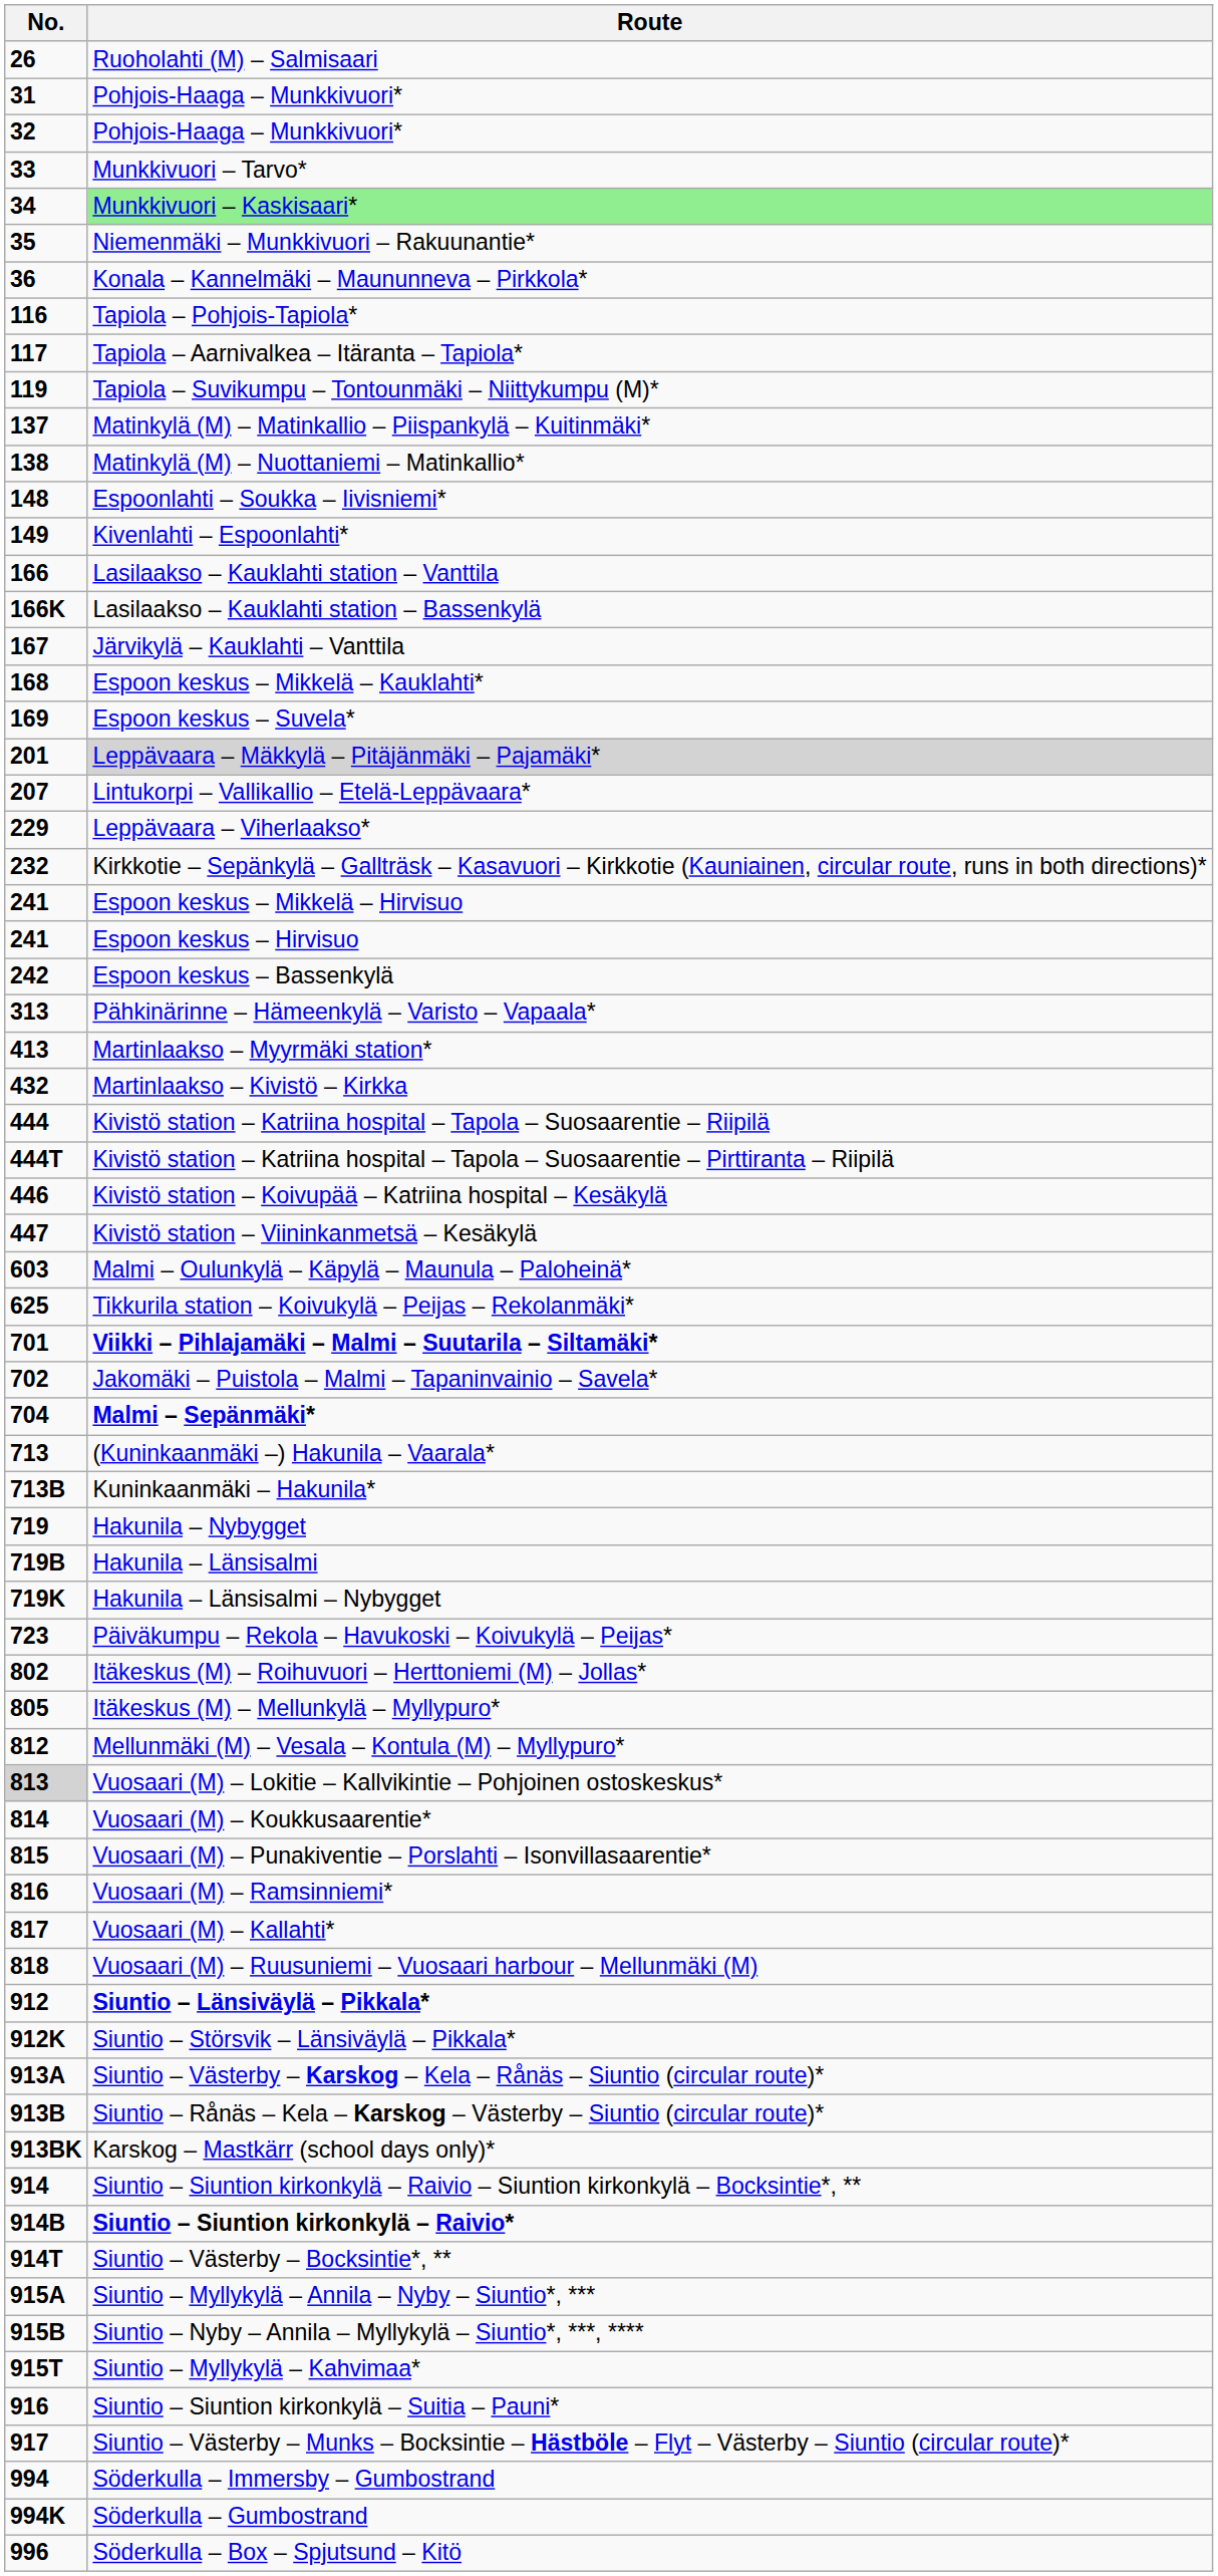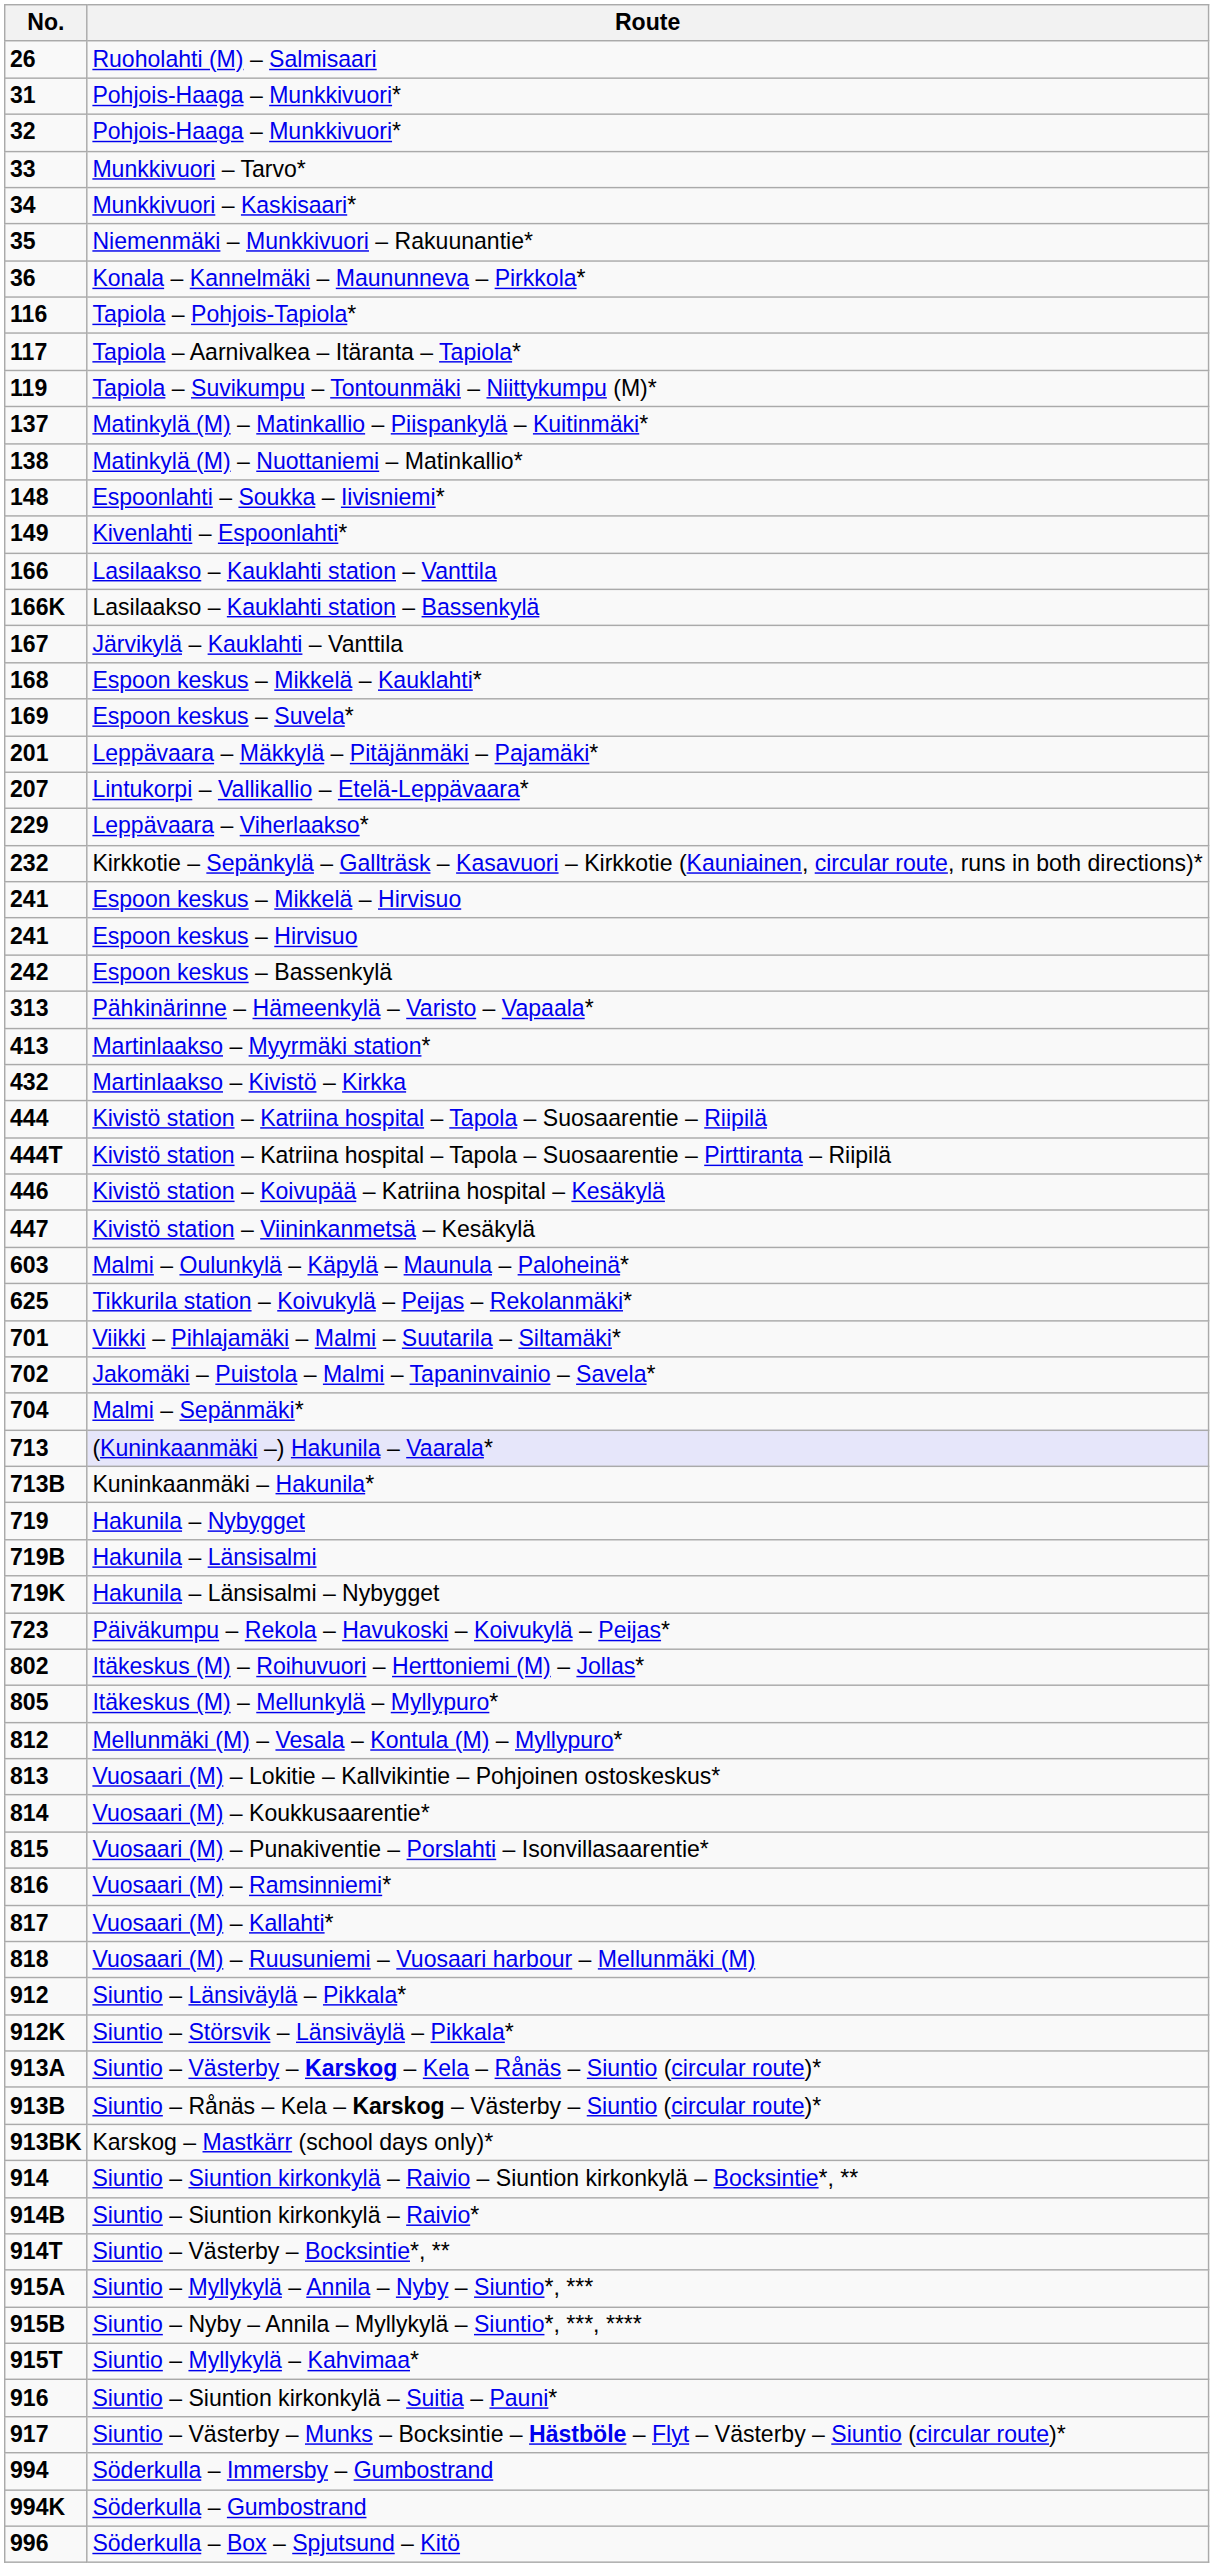 <table class="wikitable mw-collapsible mw-collapsed">
 <tr>
 <th><strong>No.</strong></th>
 <th>Route</th>
 </tr>
 <tr>
 <td><strong>26</strong></td>
 <td><a href='#'>Ruoholahti (M)</a> – <a href='#'>Salmisaari</a></td>
 </tr>
 <tr>
 <td><strong>31</strong></td>
 <td><a href='#'>Pohjois-Haaga</a> – <a href='#'>Munkkivuori</a>*</td>
 </tr>
 <tr>
 <td><strong>32</strong></td>
 <td><a href='#'>Pohjois-Haaga</a> – <a href='#'>Munkkivuori</a>*</td>
 </tr>
 <tr>
 <td><strong>33</strong></td>
 <td><a href='#'>Munkkivuori</a> – Tarvo*</td>
 </tr>
 <tr>
 <td><strong>34</strong></td>
-<td style="background: lightgreen;"><a href='#'>Munkkivuori</a> – <a href='#'>Kaskisaari</a>*</td>
+<td><a href='#'>Munkkivuori</a> – <a href='#'>Kaskisaari</a>*</td>
 </tr>
 <tr>
 <td><strong>35</strong></td>
 <td><a href='#'>Niemenmäki</a> – <a href='#'>Munkkivuori</a> – Rakuunantie*</td>
 </tr>
 <tr>
 <td><strong>36</strong></td>
 <td><a href='#'>Konala</a> – <a href='#'>Kannelmäki</a> – <a href='#'>Maununneva</a> – <a href='#'>Pirkkola</a>*</td>
 </tr>
 <tr>
 <td><strong>116</strong></td>
 <td><a href='#'>Tapiola</a> – <a href='#'>Pohjois-Tapiola</a>*</td>
 </tr>
 <tr>
 <td><strong>117</strong></td>
 <td><a href='#'>Tapiola</a> – Aarnivalkea – Itäranta – <a href='#'>Tapiola</a>*</td>
 </tr>
 <tr>
 <td><strong>119</strong></td>
 <td><a href='#'>Tapiola</a> – <a href='#'>Suvikumpu</a> – <a href='#'>Tontounmäki</a> – <a href='#'>Niittykumpu</a> (M)*</td>
 </tr>
 <tr>
 <td><strong>137</strong></td>
 <td><a href='#'>Matinkylä (M)</a> – <a href='#'>Matinkallio</a> – <a href='#'>Piispankylä</a> – <a href='#'>Kuitinmäki</a>*</td>
 </tr>
 <tr>
 <td><strong>138</strong></td>
 <td><a href='#'>Matinkylä (M)</a> – <a href='#'>Nuottaniemi</a> – Matinkallio*</td>
 </tr>
 <tr>
 <td><strong>148</strong></td>
 <td><a href='#'>Espoonlahti</a> – <a href='#'>Soukka</a> – <a href='#'>Iivisniemi</a>*</td>
 </tr>
 <tr>
 <td><strong>149</strong></td>
 <td><a href='#'>Kivenlahti</a> – <a href='#'>Espoonlahti</a>*</td>
 </tr>
 <tr>
 <td><strong>166</strong></td>
 <td><a href='#'>Lasilaakso</a> – <a href='#'>Kauklahti station</a> – <a href='#'>Vanttila</a></td>
 </tr>
 <tr>
 <td><strong>166K</strong></td>
 <td>Lasilaakso – <a href='#'>Kauklahti station</a> – <a href='#'>Bassenkylä</a></td>
 </tr>
 <tr>
 <td><strong>167</strong></td>
 <td><a href='#'>Järvikylä</a> – <a href='#'>Kauklahti</a> – Vanttila</td>
 </tr>
 <tr>
 <td><strong>168</strong></td>
 <td><a href='#'>Espoon keskus</a> – <a href='#'>Mikkelä</a> – <a href='#'>Kauklahti</a>*</td>
 </tr>
 <tr>
 <td><strong>169</strong></td>
 <td><a href='#'>Espoon keskus</a> – <a href='#'>Suvela</a>*</td>
 </tr>
 <tr>
 <td><strong>201</strong></td>
-<td style="background: lightgrey;"><a href='#'>Leppävaara</a> – <a href='#'>Mäkkylä</a> – <a href='#'>Pitäjänmäki</a> – <a href='#'>Pajamäki</a>*</td>
+<td><a href='#'>Leppävaara</a> – <a href='#'>Mäkkylä</a> – <a href='#'>Pitäjänmäki</a> – <a href='#'>Pajamäki</a>*</td>
 </tr>
 <tr>
 <td><strong>207</strong></td>
 <td><a href='#'>Lintukorpi</a> – <a href='#'>Vallikallio</a> – <a href='#'>Etelä-Leppävaara</a>*</td>
 </tr>
 <tr>
 <td><strong>229</strong></td>
 <td><a href='#'>Leppävaara</a> – <a href='#'>Viherlaakso</a>*</td>
 </tr>
 <tr>
 <td><strong>232</strong></td>
 <td>Kirkkotie – <a href='#'>Sepänkylä</a> – <a href='#'>Gallträsk</a> – <a href='#'>Kasavuori</a> – Kirkkotie (<a href='#'>Kauniainen</a>, <a href='#'>circular route</a>, runs in both directions)*</td>
 </tr>
 <tr>
 <td><strong>241</strong></td>
 <td><a href='#'>Espoon keskus</a> – <a href='#'>Mikkelä</a> – <a href='#'>Hirvisuo</a></td>
 </tr>
 <tr>
 <td><strong>241</strong></td>
 <td><a href='#'>Espoon keskus</a> – <a href='#'>Hirvisuo</a></td>
 </tr>
 <tr>
 <td><strong>242</strong></td>
 <td><a href='#'>Espoon keskus</a> – Bassenkylä</td>
 </tr>
 <tr>
 <td><strong>313</strong></td>
 <td><a href='#'>Pähkinärinne</a> – <a href='#'>Hämeenkylä</a> – <a href='#'>Varisto</a> – <a href='#'>Vapaala</a>*</td>
 </tr>
 <tr>
 <td><strong>413</strong></td>
 <td><a href='#'>Martinlaakso</a> – <a href='#'>Myyrmäki station</a>*</td>
 </tr>
 <tr>
 <td><strong>432</strong></td>
 <td><a href='#'>Martinlaakso</a> – <a href='#'>Kivistö</a> – <a href='#'>Kirkka</a></td>
 </tr>
 <tr>
 <td><strong>444</strong></td>
 <td><a href='#'>Kivistö station</a> – <a href='#'>Katriina hospital</a> – <a href='#'>Tapola</a> – Suosaarentie – <a href='#'>Riipilä</a></td>
 </tr>
 <tr>
 <td><strong>444T</strong></td>
 <td><a href='#'>Kivistö station</a> – Katriina hospital – Tapola – Suosaarentie – <a href='#'>Pirttiranta</a> – Riipilä</td>
 </tr>
 <tr>
 <td><strong>446</strong></td>
 <td><a href='#'>Kivistö station</a> – <a href='#'>Koivupää</a> – Katriina hospital – <a href='#'>Kesäkylä</a></td>
 </tr>
 <tr>
 <td><strong>447</strong></td>
 <td><a href='#'>Kivistö station</a> – <a href='#'>Viininkanmetsä</a> – Kesäkylä</td>
 </tr>
 <tr>
 <td><strong>603</strong></td>
 <td><a href='#'>Malmi</a> – <a href='#'>Oulunkylä</a> – <a href='#'>Käpylä</a> – <a href='#'>Maunula</a> – <a href='#'>Paloheinä</a>*</td>
 </tr>
 <tr>
 <td><strong>625</strong></td>
 <td><a href='#'>Tikkurila station</a> – <a href='#'>Koivukylä</a> – <a href='#'>Peijas</a> – <a href='#'>Rekolanmäki</a>*</td>
 </tr>
 <tr>
 <td><strong>701</strong></td>
-<td><strong><a href='#'>Viikki</a> – <a href='#'>Pihlajamäki</a> – <a href='#'>Malmi</a> – <a href='#'>Suutarila</a> – <a href='#'>Siltamäki</a>*</strong></td>
+<td><a href='#'>Viikki</a> – <a href='#'>Pihlajamäki</a> – <a href='#'>Malmi</a> – <a href='#'>Suutarila</a> – <a href='#'>Siltamäki</a>*</td>
 </tr>
 <tr>
 <td><strong>702</strong></td>
 <td><a href='#'>Jakomäki</a> – <a href='#'>Puistola</a> – <a href='#'>Malmi</a> – <a href='#'>Tapaninvainio</a> – <a href='#'>Savela</a>*</td>
 </tr>
 <tr>
 <td><strong>704</strong></td>
-<td><strong><a href='#'>Malmi</a> – <a href='#'>Sepänmäki</a>*</strong></td>
+<td><a href='#'>Malmi</a> – <a href='#'>Sepänmäki</a>*</td>
 </tr>
 <tr>
 <td><strong>713</strong></td>
-<td>(<a href='#'>Kuninkaanmäki</a> –) <a href='#'>Hakunila</a> – <a href='#'>Vaarala</a>*</td>
+<td style="background: lavender;">(<a href='#'>Kuninkaanmäki</a> –) <a href='#'>Hakunila</a> – <a href='#'>Vaarala</a>*</td>
 </tr>
 <tr>
 <td><strong>713B</strong></td>
 <td>Kuninkaanmäki – <a href='#'>Hakunila</a>*</td>
 </tr>
 <tr>
 <td><strong>719</strong></td>
 <td><a href='#'>Hakunila</a> – <a href='#'>Nybygget</a></td>
 </tr>
 <tr>
 <td><strong>719B</strong></td>
 <td><a href='#'>Hakunila</a> – <a href='#'>Länsisalmi</a></td>
 </tr>
 <tr>
 <td><strong>719K</strong></td>
 <td><a href='#'>Hakunila</a> – Länsisalmi – Nybygget</td>
 </tr>
 <tr>
 <td><strong>723</strong></td>
 <td><a href='#'>Päiväkumpu</a> – <a href='#'>Rekola</a> – <a href='#'>Havukoski</a> – <a href='#'>Koivukylä</a> – <a href='#'>Peijas</a>*</td>
 </tr>
 <tr>
 <td><strong>802</strong></td>
 <td><a href='#'>Itäkeskus (M)</a> – <a href='#'>Roihuvuori</a> – <a href='#'>Herttoniemi (M)</a> – <a href='#'>Jollas</a>*</td>
 </tr>
 <tr>
 <td><strong>805</strong></td>
 <td><a href='#'>Itäkeskus (M)</a> – <a href='#'>Mellunkylä</a> – <a href='#'>Myllypuro</a>*</td>
 </tr>
 <tr>
 <td><strong>812</strong></td>
 <td><a href='#'>Mellunmäki (M)</a> – <a href='#'>Vesala</a> – <a href='#'>Kontula (M)</a> – <a href='#'>Myllypuro</a>*</td>
 </tr>
 <tr>
-<td style="background: lightgrey;"><strong>813</strong></td>
+<td><strong>813</strong></td>
 <td><a href='#'>Vuosaari (M)</a> – Lokitie – Kallvikintie – Pohjoinen ostoskeskus*</td>
 </tr>
 <tr>
 <td><strong>814</strong></td>
 <td><a href='#'>Vuosaari (M)</a> – Koukkusaarentie*</td>
 </tr>
 <tr>
 <td><strong>815</strong></td>
 <td><a href='#'>Vuosaari (M)</a> – Punakiventie – <a href='#'>Porslahti</a> – Isonvillasaarentie*</td>
 </tr>
 <tr>
 <td><strong>816</strong></td>
 <td><a href='#'>Vuosaari (M)</a> – <a href='#'>Ramsinniemi</a>*</td>
 </tr>
 <tr>
 <td><strong>817</strong></td>
 <td><a href='#'>Vuosaari (M)</a> – <a href='#'>Kallahti</a>*</td>
 </tr>
 <tr>
 <td><strong>818</strong></td>
 <td><a href='#'>Vuosaari (M)</a> – <a href='#'>Ruusuniemi</a> – <a href='#'>Vuosaari harbour</a> – <a href='#'>Mellunmäki (M)</a></td>
 </tr>
 <tr>
 <td><strong>912</strong></td>
-<td><strong><a href='#'>Siuntio</a> – <a href='#'>Länsiväylä</a> – <a href='#'>Pikkala</a>*</strong></td>
+<td><a href='#'>Siuntio</a> – <a href='#'>Länsiväylä</a> – <a href='#'>Pikkala</a>*</td>
 </tr>
 <tr>
 <td><strong>912K</strong></td>
 <td><a href='#'>Siuntio</a> – <a href='#'>Störsvik</a> – <a href='#'>Länsiväylä</a> – <a href='#'>Pikkala</a>*</td>
 </tr>
 <tr>
 <td><strong>913A</strong></td>
 <td><a href='#'>Siuntio</a> – <a href='#'>Västerby</a> – <strong><a href='#'>Karskog</a></strong> – <a href='#'>Kela</a> – <a href='#'>Rånäs</a> – <a href='#'>Siuntio</a> (<a href='#'>circular route</a>)*</td>
 </tr>
 <tr>
 <td><strong>913B</strong></td>
 <td><a href='#'>Siuntio</a> – Rånäs – Kela – <strong>Karskog</strong> – Västerby – <a href='#'>Siuntio</a> (<a href='#'>circular route</a>)*</td>
 </tr>
 <tr>
 <td><strong>913BK</strong></td>
 <td>Karskog – <a href='#'>Mastkärr</a> (school days only)*</td>
 </tr>
 <tr>
 <td><strong>914</strong></td>
 <td><a href='#'>Siuntio</a> – <a href='#'>Siuntion kirkonkylä</a> – <a href='#'>Raivio</a> – Siuntion kirkonkylä – <a href='#'>Bocksintie</a>*, **</td>
 </tr>
 <tr>
 <td><strong>914B</strong></td>
-<td><strong><a href='#'>Siuntio</a> – Siuntion kirkonkylä – <a href='#'>Raivio</a>*</strong></td>
+<td><a href='#'>Siuntio</a> – Siuntion kirkonkylä – <a href='#'>Raivio</a>*</td>
 </tr>
 <tr>
 <td><strong>914T</strong></td>
 <td><a href='#'>Siuntio</a> – Västerby – <a href='#'>Bocksintie</a>*, **</td>
 </tr>
 <tr>
 <td><strong>915A</strong></td>
 <td><a href='#'>Siuntio</a> – <a href='#'>Myllykylä</a> – <a href='#'>Annila</a> – <a href='#'>Nyby</a> – <a href='#'>Siuntio</a>*, ***</td>
 </tr>
 <tr>
 <td><strong>915B</strong></td>
 <td><a href='#'>Siuntio</a> – Nyby – Annila – Myllykylä – <a href='#'>Siuntio</a>*, ***, ****</td>
 </tr>
 <tr>
 <td><strong>915T</strong></td>
 <td><a href='#'>Siuntio</a> – <a href='#'>Myllykylä</a> – <a href='#'>Kahvimaa</a>*</td>
 </tr>
 <tr>
 <td><strong>916</strong></td>
 <td><a href='#'>Siuntio</a> – Siuntion kirkonkylä – <a href='#'>Suitia</a> – <a href='#'>Pauni</a>*</td>
 </tr>
 <tr>
 <td><strong>917</strong></td>
 <td><a href='#'>Siuntio</a> – Västerby – <a href='#'>Munks</a> – Bocksintie – <strong><a href='#'>Hästböle</a></strong> – <a href='#'>Flyt</a> – Västerby – <a href='#'>Siuntio</a> (<a href='#'>circular route</a>)*</td>
 </tr>
 <tr>
 <td><strong>994</strong></td>
 <td><a href='#'>Söderkulla</a> – <a href='#'>Immersby</a> – <a href='#'>Gumbostrand</a></td>
 </tr>
 <tr>
 <td><strong>994K</strong></td>
 <td><a href='#'>Söderkulla</a> – <a href='#'>Gumbostrand</a></td>
 </tr>
 <tr>
 <td><strong>996</strong></td>
 <td><a href='#'>Söderkulla</a> – <a href='#'>Box</a> – <a href='#'>Spjutsund</a> – <a href='#'>Kitö</a></td>
 </tr>
 </table>
